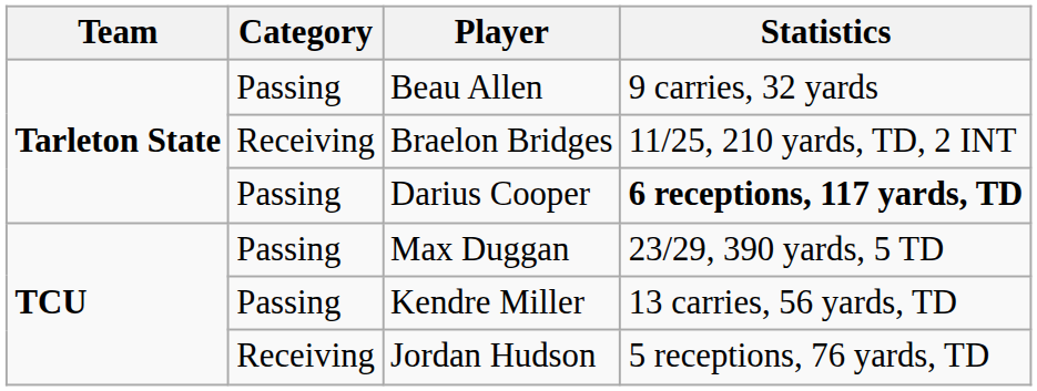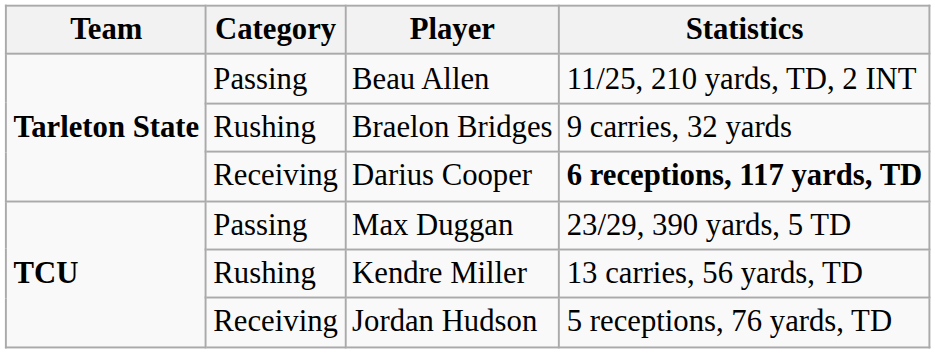 <table class="wikitable" style="float: right;">
 <tr>
 <th>Team</th>
 <th>Category</th>
 <th>Player</th>
 <th>Statistics</th>
 </tr>
 <tr>
 <td rowspan=3><strong>Tarleton State</strong></td>
 <td>Passing</td>
 <td>Beau Allen</td>
+<td>11/25, 210 yards, TD, 2 INT</td>
+</tr>
+<tr>
+<td>Rushing</td>
+<td>Braelon Bridges</td>
 <td>9 carries, 32 yards</td>
 </tr>
 <tr>
 <td>Receiving</td>
-<td>Braelon Bridges</td>
-<td>11/25, 210 yards, TD, 2 INT</td>
-</tr>
-<tr>
-<td>Passing</td>
 <td>Darius Cooper</td>
 <td><strong>6 receptions, 117 yards, TD</strong></td>
 </tr>
 <tr>
 <td rowspan=3><strong>TCU</strong></td>
 <td>Passing</td>
 <td>Max Duggan</td>
 <td>23/29, 390 yards, 5 TD</td>
 </tr>
 <tr>
-<td>Passing</td>
+<td>Rushing</td>
 <td>Kendre Miller</td>
 <td>13 carries, 56 yards, TD</td>
 </tr>
 <tr>
 <td>Receiving</td>
 <td>Jordan Hudson</td>
 <td>5 receptions, 76 yards, TD</td>
 </tr>
 </table>
